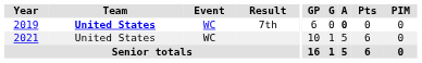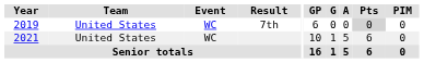 <table border="0" cellpadding="1" cellspacing="0" ID="Table3" style="text-align:center; width:40em;">
 <tr bgcolor="#e0e0e0">
 <th>Year</th>
 <th>Team</th>
 <th>Event</th>
 <th>Result</th>
 <th rowspan="99" bgcolor="#ffffff"></th>
 <th>GP</th>
 <th>G</th>
 <th>A</th>
 <th>Pts</th>
 <th>PIM</th>
 </tr>
 <tr>
 <td><a href='#'>2019</a></td>
-<td><strong><a href='#'>United States</a></strong></td>
+<td><a href='#'>United States</a></td>
 <td><a href='#'>WC</a></td>
 <td>7th</td>
 <td>6</td>
 <td>0</td>
-<td><strong>0</strong></td>
 <td>0</td>
+<td style="background: lightgrey;">0</td>
 <td>0</td>
 </tr>
 <tr bgcolor="#f0f0f0">
 <td><a href='#'>2021</a></td>
 <td>United States</td>
 <td>WC</td>
 <td></td>
 <td>10</td>
 <td>1</td>
 <td>5</td>
 <td>6</td>
 <td>0</td>
 </tr>
 <tr bgcolor="#e0e0e0">
 <th colspan="4">Senior totals</th>
 <th>16</th>
 <th>1</th>
 <th>5</th>
 <th>6</th>
 <th>0</th>
 </tr>
 </table>
